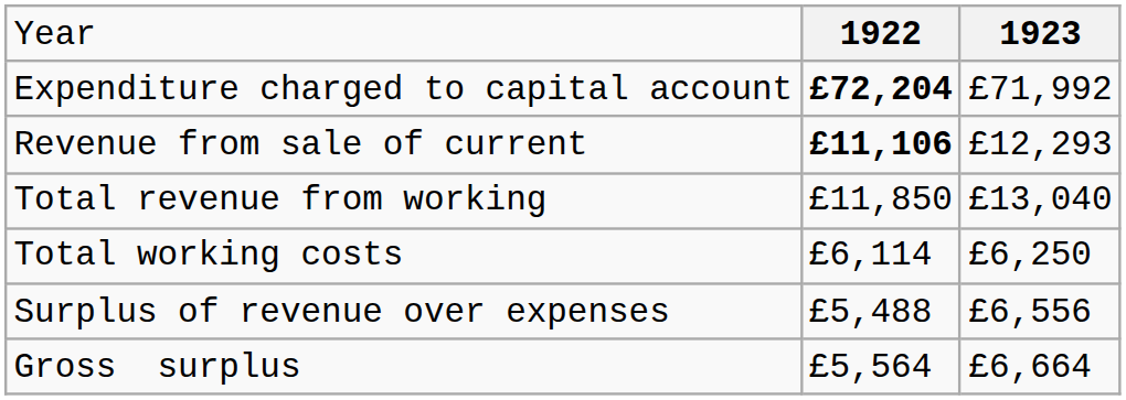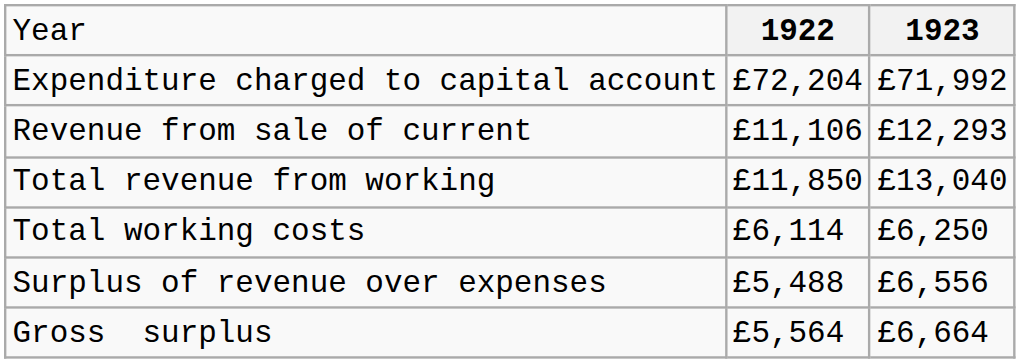 <table class="wikitable">
 <tr>
 <td>Year</td>
 <th>1922</th>
 <th>1923</th>
 </tr>
 <tr>
 <td>Expenditure charged to capital account</td>
-<td><strong>£72,204</strong></td>
+<td>£72,204</td>
 <td>£71,992</td>
 </tr>
 <tr>
 <td>Revenue from sale of current</td>
-<td><strong>£11,106</strong></td>
+<td>£11,106</td>
 <td>£12,293</td>
 </tr>
 <tr>
 <td>Total revenue from working</td>
 <td>£11,850</td>
 <td>£13,040</td>
 </tr>
 <tr>
 <td>Total working costs</td>
 <td>£6,114</td>
 <td>£6,250</td>
 </tr>
 <tr>
 <td>Surplus of revenue over expenses</td>
 <td>£5,488</td>
 <td>£6,556</td>
 </tr>
 <tr>
 <td>Gross  surplus</td>
 <td>£5,564</td>
 <td>£6,664</td>
 </tr>
 </table>
